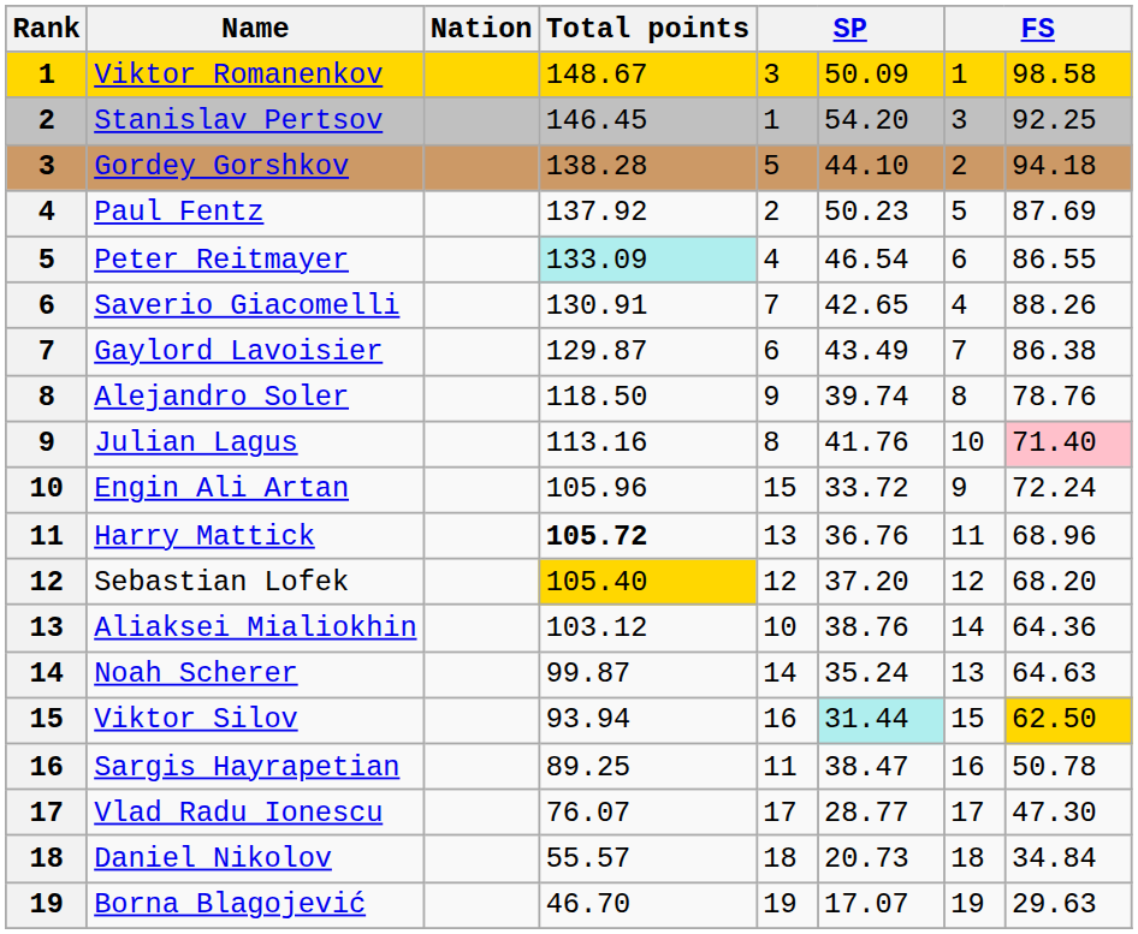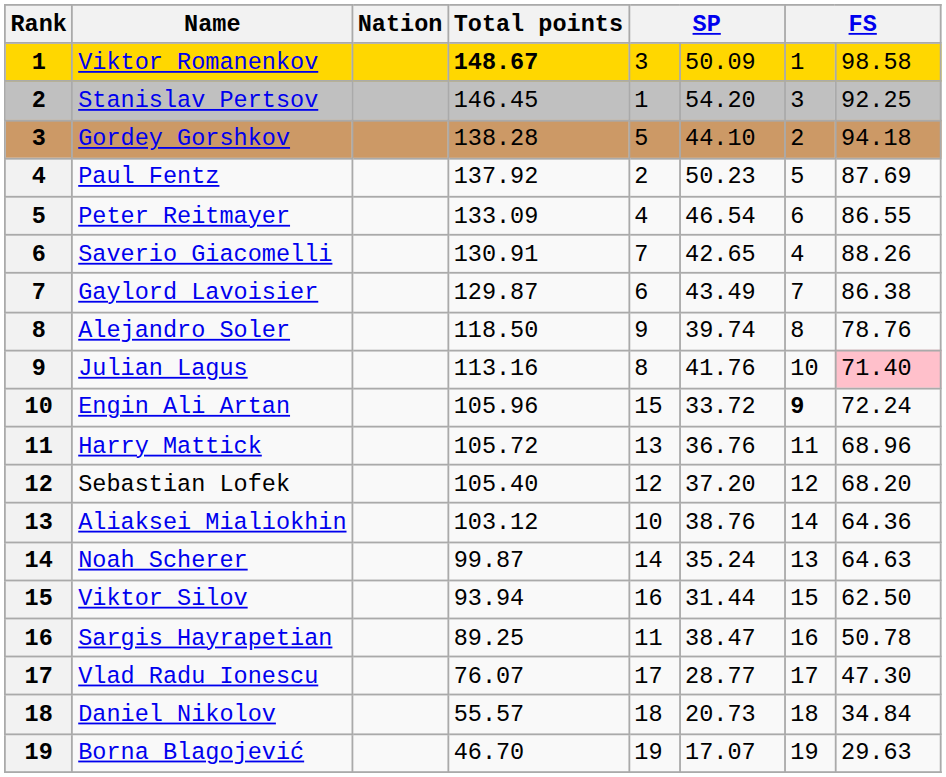 <table class="wikitable sortable">
 <tr>
 <th>Rank</th>
 <th>Name</th>
 <th>Nation</th>
 <th>Total points</th>
 <th colspan="2" width="80px"><a href='#'>SP</a></th>
 <th colspan="2" width="80px"><a href='#'>FS</a></th>
 </tr>
 <tr bgcolor="gold">
 <td align="center"><strong>1</strong></td>
 <td><a href='#'>Viktor Romanenkov</a></td>
 <td></td>
-<td>148.67</td>
+<td><strong>148.67</strong></td>
 <td>3</td>
 <td>50.09</td>
 <td>1</td>
 <td>98.58</td>
 </tr>
 <tr bgcolor="silver">
 <td align="center"><strong>2</strong></td>
 <td><a href='#'>Stanislav Pertsov</a></td>
 <td></td>
 <td>146.45</td>
 <td>1</td>
 <td>54.20</td>
 <td>3</td>
 <td>92.25</td>
 </tr>
 <tr bgcolor="cc9966">
 <td align="center"><strong>3</strong></td>
 <td><a href='#'>Gordey Gorshkov</a></td>
 <td></td>
 <td>138.28</td>
 <td>5</td>
 <td>44.10</td>
 <td>2</td>
 <td>94.18</td>
 </tr>
 <tr>
 <th>4</th>
 <td><a href='#'>Paul Fentz</a></td>
 <td></td>
 <td>137.92</td>
 <td>2</td>
 <td>50.23</td>
 <td>5</td>
 <td>87.69</td>
 </tr>
 <tr>
 <th>5</th>
 <td><a href='#'>Peter Reitmayer</a></td>
 <td></td>
-<td style="background: paleturquoise;">133.09</td>
+<td>133.09</td>
 <td>4</td>
 <td>46.54</td>
 <td>6</td>
 <td>86.55</td>
 </tr>
 <tr>
 <th>6</th>
 <td><a href='#'>Saverio Giacomelli</a></td>
 <td></td>
 <td>130.91</td>
 <td>7</td>
 <td>42.65</td>
 <td>4</td>
 <td>88.26</td>
 </tr>
 <tr>
 <th>7</th>
 <td><a href='#'>Gaylord Lavoisier</a></td>
 <td></td>
 <td>129.87</td>
 <td>6</td>
 <td>43.49</td>
 <td>7</td>
 <td>86.38</td>
 </tr>
 <tr>
 <th>8</th>
 <td><a href='#'>Alejandro Soler</a></td>
 <td></td>
 <td>118.50</td>
 <td>9</td>
 <td>39.74</td>
 <td>8</td>
 <td>78.76</td>
 </tr>
 <tr>
 <th>9</th>
 <td><a href='#'>Julian Lagus</a></td>
 <td></td>
 <td>113.16</td>
 <td>8</td>
 <td>41.76</td>
 <td>10</td>
 <td style="background: pink;">71.40</td>
 </tr>
 <tr>
 <th>10</th>
 <td><a href='#'>Engin Ali Artan</a></td>
 <td></td>
 <td>105.96</td>
 <td>15</td>
 <td>33.72</td>
-<td>9</td>
+<td><strong>9</strong></td>
 <td>72.24</td>
 </tr>
 <tr>
 <th>11</th>
 <td><a href='#'>Harry Mattick</a></td>
 <td></td>
-<td><strong>105.72</strong></td>
+<td>105.72</td>
 <td>13</td>
 <td>36.76</td>
 <td>11</td>
 <td>68.96</td>
 </tr>
 <tr>
 <th>12</th>
 <td>Sebastian Lofek</td>
 <td></td>
-<td style="background: gold;">105.40</td>
+<td>105.40</td>
 <td>12</td>
 <td>37.20</td>
 <td>12</td>
 <td>68.20</td>
 </tr>
 <tr>
 <th>13</th>
 <td><a href='#'>Aliaksei Mialiokhin</a></td>
 <td></td>
 <td>103.12</td>
 <td>10</td>
 <td>38.76</td>
 <td>14</td>
 <td>64.36</td>
 </tr>
 <tr>
 <th>14</th>
 <td><a href='#'>Noah Scherer</a></td>
 <td></td>
 <td>99.87</td>
 <td>14</td>
 <td>35.24</td>
 <td>13</td>
 <td>64.63</td>
 </tr>
 <tr>
 <th>15</th>
 <td><a href='#'>Viktor Silov</a></td>
 <td></td>
 <td>93.94</td>
 <td>16</td>
-<td style="background: paleturquoise;">31.44</td>
+<td>31.44</td>
 <td>15</td>
-<td style="background: gold;">62.50</td>
+<td>62.50</td>
 </tr>
 <tr>
 <th>16</th>
 <td><a href='#'>Sargis Hayrapetian</a></td>
 <td></td>
 <td>89.25</td>
 <td>11</td>
 <td>38.47</td>
 <td>16</td>
 <td>50.78</td>
 </tr>
 <tr>
 <th>17</th>
 <td><a href='#'>Vlad Radu Ionescu</a></td>
 <td></td>
 <td>76.07</td>
 <td>17</td>
 <td>28.77</td>
 <td>17</td>
 <td>47.30</td>
 </tr>
 <tr>
 <th>18</th>
 <td><a href='#'>Daniel Nikolov</a></td>
 <td></td>
 <td>55.57</td>
 <td>18</td>
 <td>20.73</td>
 <td>18</td>
 <td>34.84</td>
 </tr>
 <tr>
 <th>19</th>
 <td><a href='#'>Borna Blagojević</a></td>
 <td></td>
 <td>46.70</td>
 <td>19</td>
 <td>17.07</td>
 <td>19</td>
 <td>29.63</td>
 </tr>
 <tr>
 </tr>
 </table>
